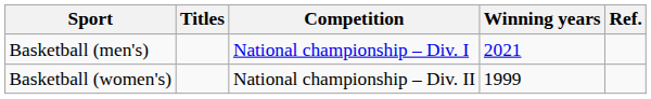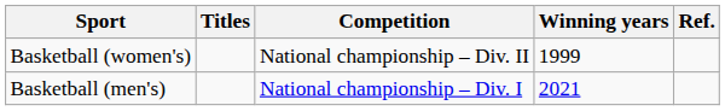 <table class="wikitable"; style= "text-align: ">
 <tr>
 <th width=0px>Sport</th>
 <th width=0px>Titles</th>
 <th width=0px>Competition</th>
 <th width=0px>Winning years</th>
 <th width=0px>Ref.</th>
 </tr>
 <tr>
+<td>Basketball (women's)</td>
+<td></td>
+<td>National championship  – Div. II</td>
+<td>1999</td>
+<td></td>
+</tr>
+<tr>
 <td>Basketball (men's)</td>
 <td></td>
 <td><a href='#'>National championship – Div. I</a></td>
 <td><a href='#'>2021</a></td>
 <td></td>
 </tr>
-<tr>
-<td>Basketball (women's)</td>
-<td></td>
-<td>National championship  – Div. II</td>
-<td>1999</td>
-<td></td>
-</tr>
 </table>
